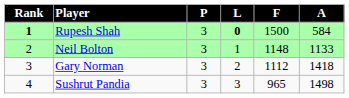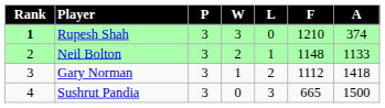 <table border="2" cellpadding="2" cellspacing="0" style="margin: 0; background: #f9f9f9; border: 1px #aaa solid; border-collapse: collapse; font-size: 100%;" width=50%>
 <tr>
 <th bgcolor="000000" style="color:white; text-align:center" width=5%>Rank</th>
 <th bgcolor="000000" style="color:white; text-align:left" width=20%>Player</th>
 <th bgcolor="000000" style="color:white; text-align:center" width=5%>P</th>
+<th bgcolor="000000" style="color:white; text-align:center" width=5%>W</th>
 <th bgcolor="000000" style="color:white; text-align:center" width=5%>L</th>
 <th bgcolor="000000" style="color:white; text-align:center" width=5%>F</th>
 <th bgcolor="000000" style="color:white; text-align:center" width=5%>A</th>
 </tr>
 <tr>
 <td style="text-align:center; background:#aaffaa"><strong>1</strong></td>
 <td style="text-align:left; background:#aaffaa"> <a href='#'>Rupesh Shah</a></td>
 <td style="text-align:center; background:#aaffaa">3</td>
-<td style="text-align:center; background:#aaffaa"><strong>0</strong></td>
-<td style="text-align:center; background:#aaffaa">1500</td>
-<td style="text-align:center; background:#aaffaa">584</td>
+<td style="text-align:center; background:#aaffaa">3</td>
+<td style="text-align:center; background:#aaffaa">0</td>
+<td style="text-align:center; background:#aaffaa">1210</td>
+<td style="text-align:center; background:#aaffaa">374</td>
 </tr>
 <tr>
 <td style="text-align:center; background:#aaffaa">2</td>
 <td style="text-align:left; background:#aaffaa"> <a href='#'>Neil Bolton</a></td>
 <td style="text-align:center; background:#aaffaa">3</td>
+<td style="text-align:center; background:#aaffaa">2</td>
 <td style="text-align:center; background:#aaffaa">1</td>
 <td style="text-align:center; background:#aaffaa">1148</td>
 <td style="text-align:center; background:#aaffaa">1133</td>
 </tr>
 <tr>
 <td style="text-align:center">3</td>
 <td style="text-align:left;"> <a href='#'>Gary Norman</a></td>
 <td style="text-align:center;">3</td>
+<td style="text-align:center;">1</td>
 <td style="text-align:center;">2</td>
 <td style="text-align:center;">1112</td>
 <td style="text-align:center;">1418</td>
 </tr>
 <tr>
 <td style="text-align:center">4</td>
 <td style="text-align:left;"> <a href='#'>Sushrut Pandia</a></td>
 <td style="text-align:center;">3</td>
+<td style="text-align:center;">0</td>
 <td style="text-align:center;">3</td>
-<td style="text-align:center;">965</td>
-<td style="text-align:center;">1498</td>
+<td style="text-align:center;">665</td>
+<td style="text-align:center;">1500</td>
 </tr>
 </table>
